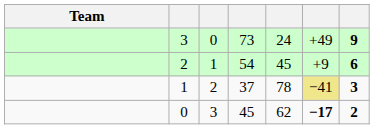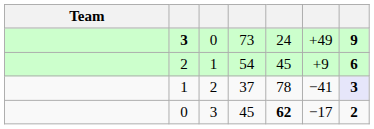 <table class="wikitable" style="text-align:center;">
 <tr>
 <th style="width:10.5em;">Team</th>
 <th style="width:1.5em;"></th>
 <th style="width:1.5em;"></th>
 <th style="width:2.0em;"></th>
 <th style="width:2.0em;"></th>
 <th style="width:2.0em;"></th>
 <th style="width:1.5em;"></th>
 </tr>
 <tr bgcolor=#cfc>
 <td align="left"></td>
-<td>3</td>
+<td><strong>3</strong></td>
 <td>0</td>
 <td>73</td>
 <td>24</td>
 <td>+49</td>
 <td><strong>9</strong></td>
 </tr>
 <tr bgcolor=#cfc>
 <td align="left"></td>
 <td>2</td>
 <td>1</td>
 <td>54</td>
 <td>45</td>
 <td>+9</td>
 <td><strong>6</strong></td>
 </tr>
 <tr>
 <td align="left"></td>
 <td>1</td>
 <td>2</td>
 <td>37</td>
 <td>78</td>
-<td style="background: khaki;">−41</td>
-<td><strong>3</strong></td>
+<td>−41</td>
+<td style="background: lavender;"><strong>3</strong></td>
 </tr>
 <tr>
 <td align="left"></td>
 <td>0</td>
 <td>3</td>
 <td>45</td>
-<td>62</td>
-<td><strong>−17</strong></td>
+<td><strong>62</strong></td>
+<td>−17</td>
 <td><strong>2</strong></td>
 </tr>
 </table>
